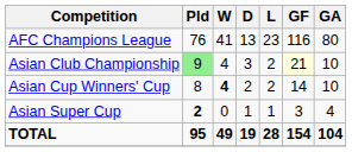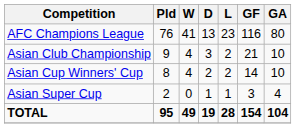 <table class="wikitable">
 <tr>
 <th>Competition</th>
 <th>Pld</th>
 <th>W</th>
 <th>D</th>
 <th>L</th>
 <th>GF</th>
 <th>GA</th>
 </tr>
 <tr>
 <td><a href='#'>AFC Champions League</a></td>
 <td style="text-align:center;">76</td>
 <td style="text-align:center;">41</td>
 <td style="text-align:center;">13</td>
 <td style="text-align:center;">23</td>
 <td style="text-align:center;">116</td>
 <td style="text-align:center;">80</td>
 </tr>
 <tr>
 <td><a href='#'>Asian Club Championship</a></td>
-<td style="background: lightgreen; text-align:center;">9</td>
+<td style="text-align:center;">9</td>
 <td style="text-align:center;">4</td>
 <td style="text-align:center;">3</td>
 <td style="text-align:center;">2</td>
-<td style="background: lightyellow; text-align:center;">21</td>
+<td style="text-align:center;">21</td>
 <td style="text-align:center;">10</td>
 </tr>
 <tr>
 <td><a href='#'>Asian Cup Winners' Cup</a></td>
 <td style="text-align:center;">8</td>
-<td style="text-align:center;"><strong>4</strong></td>
+<td style="text-align:center;">4</td>
 <td style="text-align:center;">2</td>
 <td style="text-align:center;">2</td>
 <td style="text-align:center;">14</td>
 <td style="text-align:center;">10</td>
 </tr>
 <tr>
 <td><a href='#'>Asian Super Cup</a></td>
-<td style="text-align:center;"><strong>2</strong></td>
+<td style="text-align:center;">2</td>
 <td style="text-align:center;">0</td>
 <td style="text-align:center;">1</td>
 <td style="text-align:center;">1</td>
 <td style="text-align:center;">3</td>
 <td style="text-align:center;">4</td>
 </tr>
 <tr>
 <td><strong>TOTAL</strong></td>
 <td style="text-align:center;"><strong>95</strong></td>
 <td style="text-align:center;"><strong>49</strong></td>
 <td style="text-align:center;"><strong>19</strong></td>
 <td style="text-align:center;"><strong>28</strong></td>
 <td style="text-align:center;"><strong>154</strong></td>
 <td style="text-align:center;"><strong>104</strong></td>
 </tr>
 <tr>
 </tr>
 </table>
